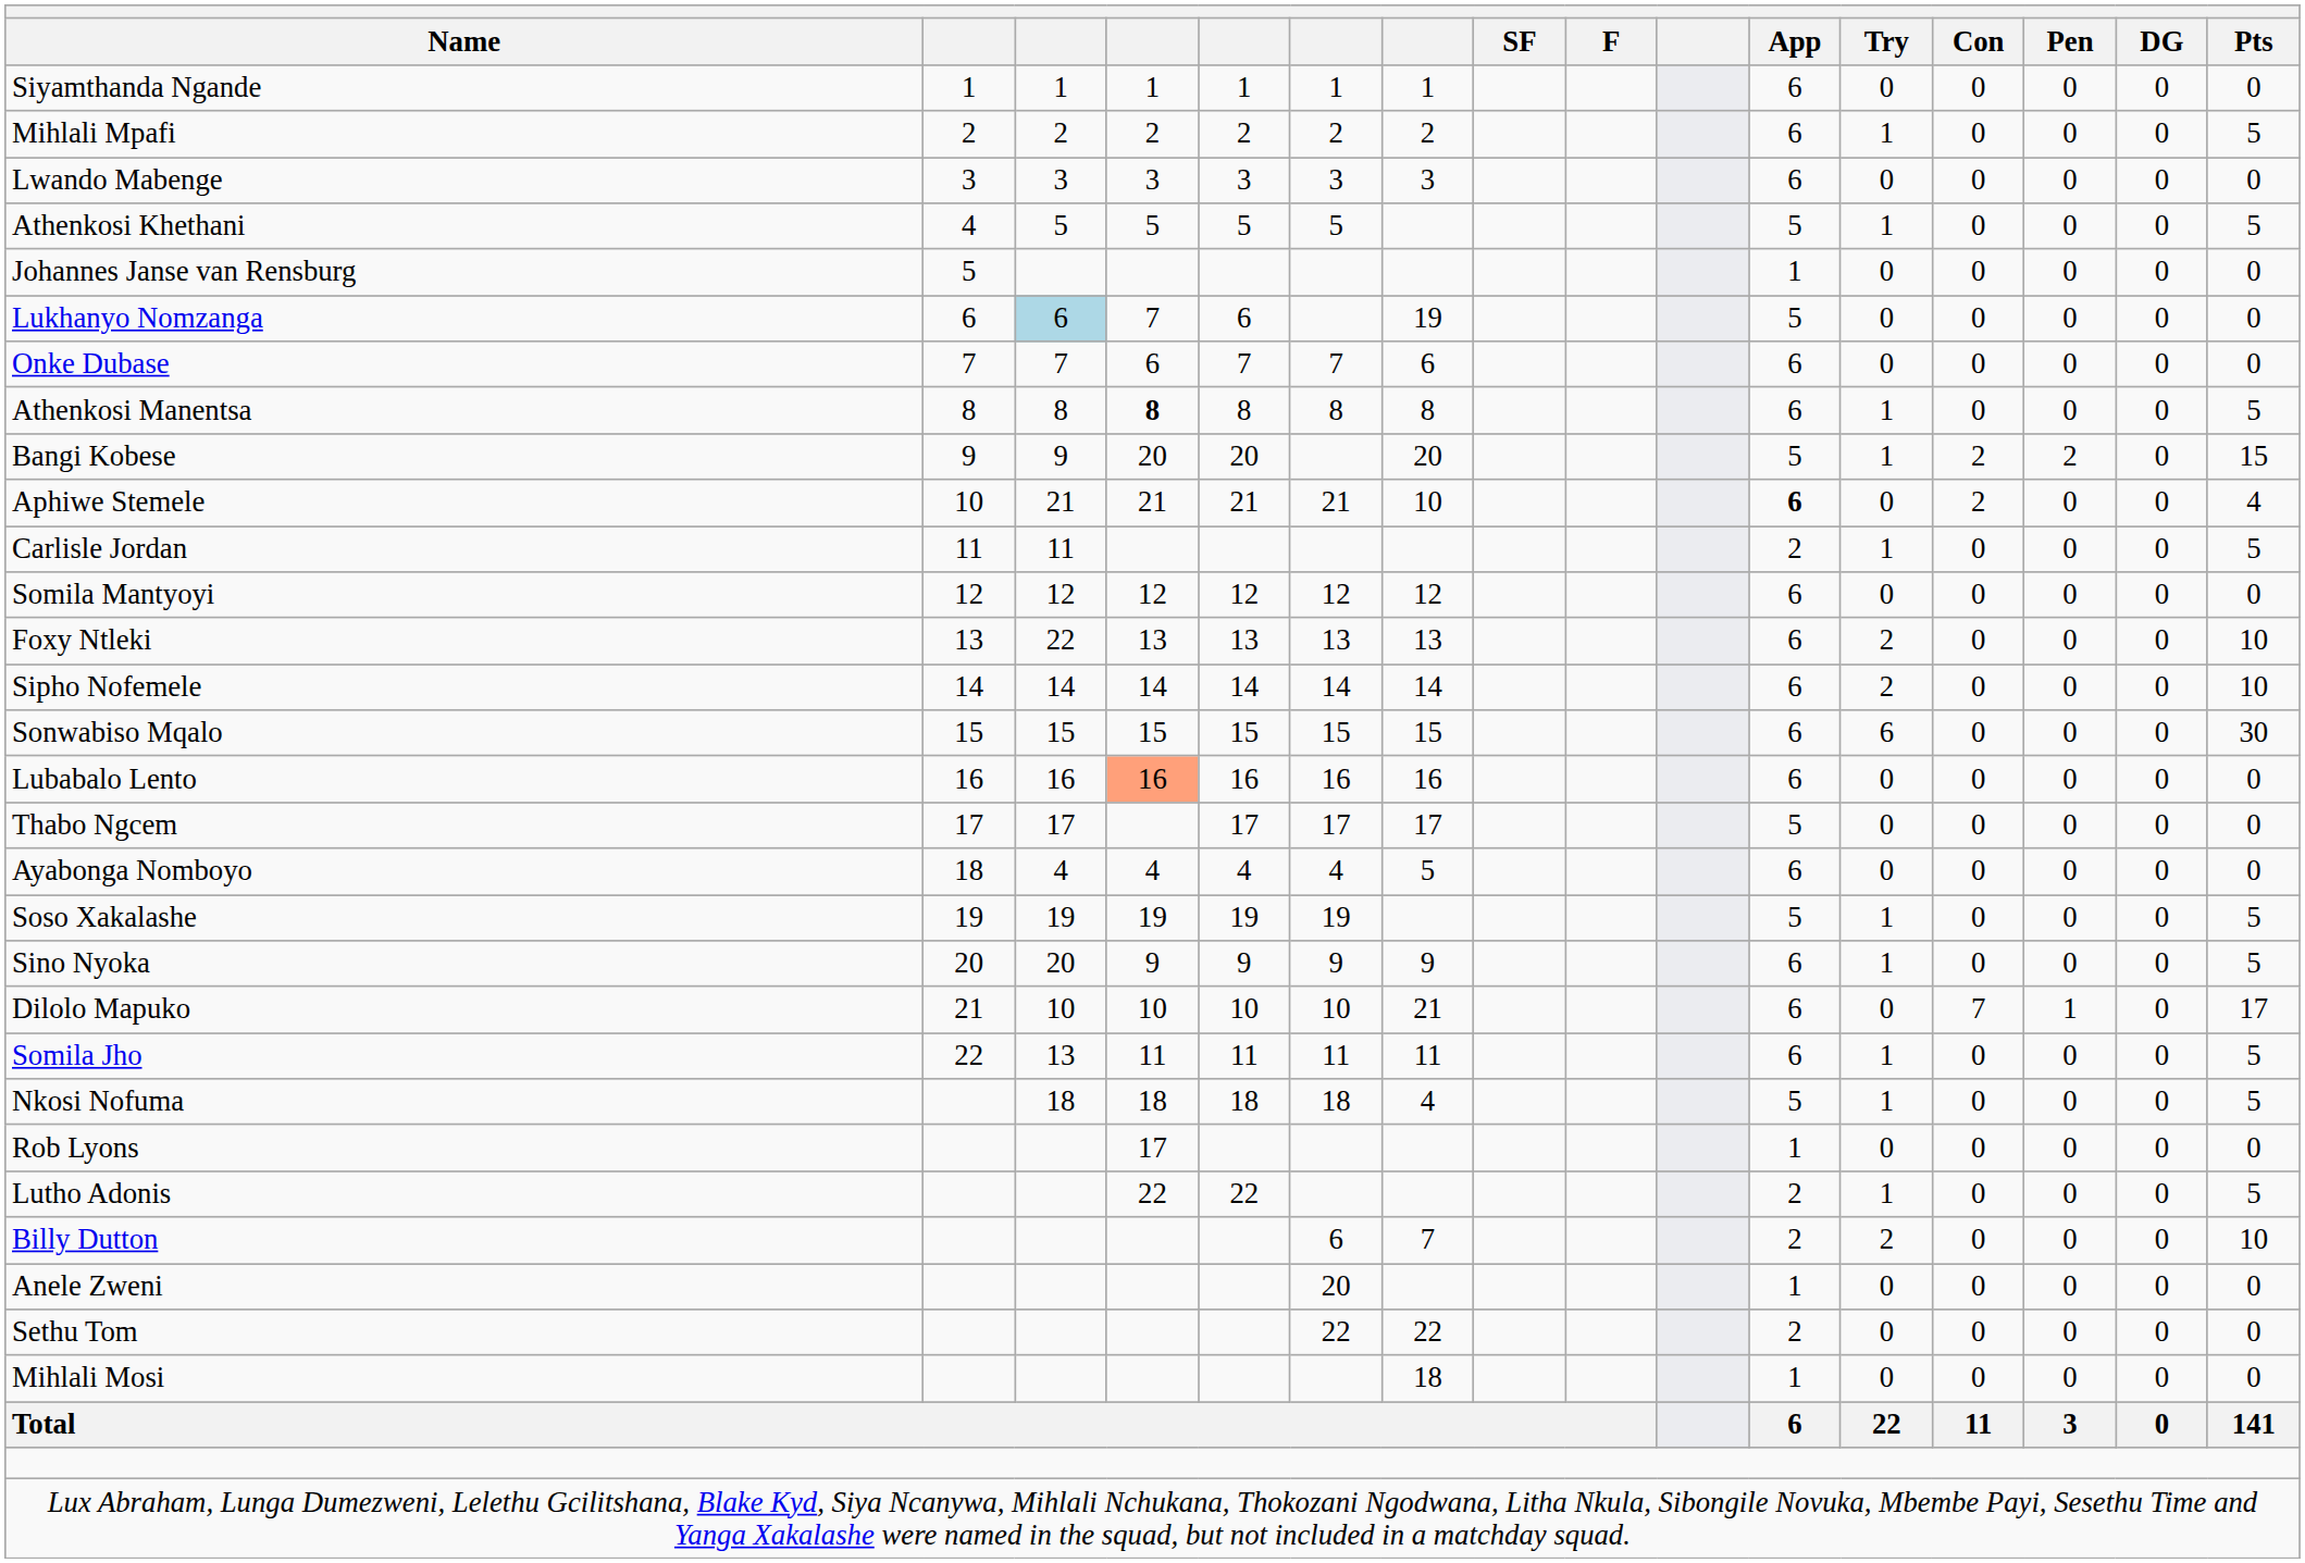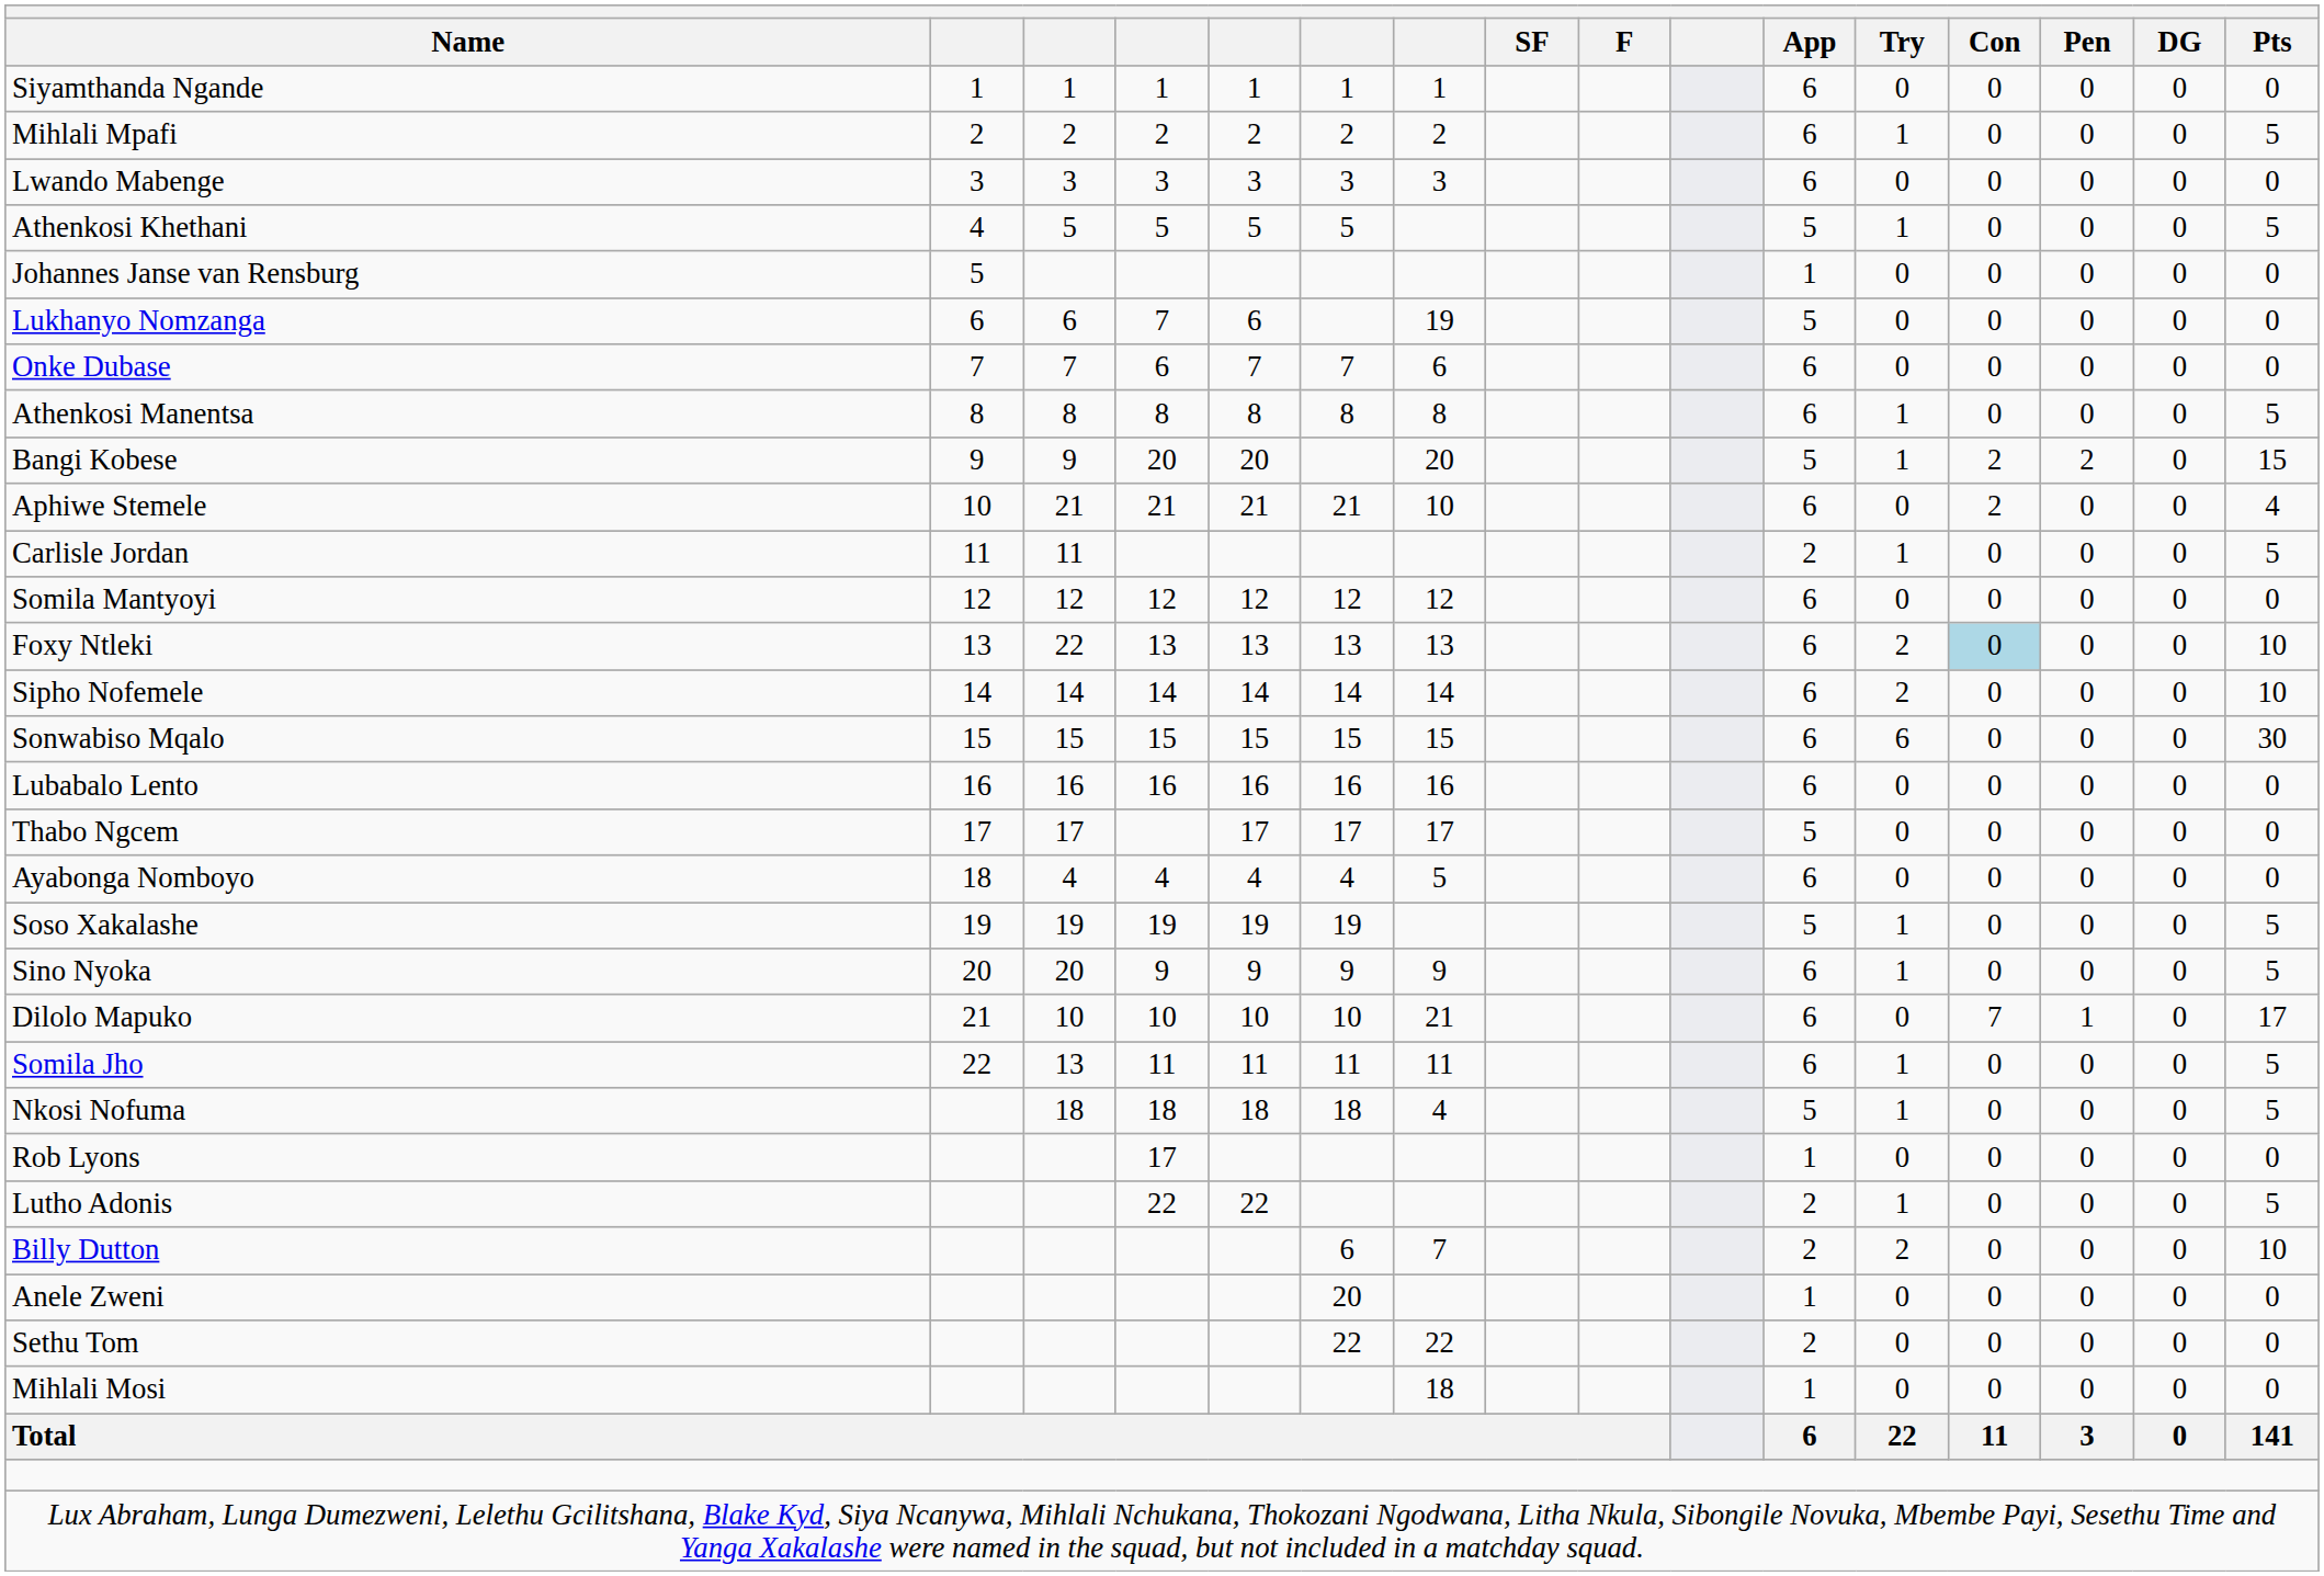 <table class="wikitable collapsible collapsed" style="text-align:center; font-size:100%; width:100%">
 <tr>
 <th colspan="100%"></th>
 </tr>
 <tr>
 <th style="width:40%;">Name</th>
 <th style="width:4%;"></th>
 <th style="width:4%;"></th>
 <th style="width:4%;"></th>
 <th style="width:4%;"></th>
 <th style="width:4%;"></th>
 <th style="width:4%;"></th>
 <th style="width:4%;">SF</th>
 <th style="width:4%;">F</th>
 <th style="width:4%;"></th>
 <th style="width:4%;">App</th>
 <th style="width:4%;">Try</th>
 <th style="width:4%;">Con</th>
 <th style="width:4%;">Pen</th>
 <th style="width:4%;">DG</th>
 <th style="width:4%;">Pts</th>
 </tr>
 <tr>
 <td style="text-align:left;">Siyamthanda Ngande</td>
 <td>1</td>
 <td>1</td>
 <td>1</td>
 <td>1</td>
 <td>1</td>
 <td>1</td>
 <td></td>
 <td></td>
 <td style="background:#EBECF0;"></td>
 <td>6</td>
 <td>0</td>
 <td>0</td>
 <td>0</td>
 <td>0</td>
 <td>0</td>
 </tr>
 <tr>
 <td style="text-align:left;">Mihlali Mpafi</td>
 <td>2</td>
 <td>2</td>
 <td>2</td>
 <td>2</td>
 <td>2</td>
 <td>2</td>
 <td></td>
 <td></td>
 <td style="background:#EBECF0;"></td>
 <td>6</td>
 <td>1</td>
 <td>0</td>
 <td>0</td>
 <td>0</td>
 <td>5</td>
 </tr>
 <tr>
 <td style="text-align:left;">Lwando Mabenge</td>
 <td>3</td>
 <td>3</td>
 <td>3</td>
 <td>3</td>
 <td>3</td>
 <td>3</td>
 <td></td>
 <td></td>
 <td style="background:#EBECF0;"></td>
 <td>6</td>
 <td>0</td>
 <td>0</td>
 <td>0</td>
 <td>0</td>
 <td>0</td>
 </tr>
 <tr>
 <td style="text-align:left;">Athenkosi Khethani</td>
 <td>4</td>
 <td>5</td>
 <td>5</td>
 <td>5</td>
 <td>5</td>
 <td></td>
 <td></td>
 <td></td>
 <td style="background:#EBECF0;"></td>
 <td>5</td>
 <td>1</td>
 <td>0</td>
 <td>0</td>
 <td>0</td>
 <td>5</td>
 </tr>
 <tr>
 <td style="text-align:left;">Johannes Janse van Rensburg</td>
 <td>5</td>
 <td></td>
 <td></td>
 <td></td>
 <td></td>
 <td></td>
 <td></td>
 <td></td>
 <td style="background:#EBECF0;"></td>
 <td>1</td>
 <td>0</td>
 <td>0</td>
 <td>0</td>
 <td>0</td>
 <td>0</td>
 </tr>
 <tr>
 <td style="text-align:left;"><a href='#'>Lukhanyo Nomzanga</a></td>
 <td>6</td>
-<td style="background: lightblue;">6</td>
+<td>6</td>
 <td>7</td>
 <td>6</td>
 <td></td>
 <td>19 </td>
 <td></td>
 <td></td>
 <td style="background:#EBECF0;"></td>
 <td>5</td>
 <td>0</td>
 <td>0</td>
 <td>0</td>
 <td>0</td>
 <td>0</td>
 </tr>
 <tr>
 <td style="text-align:left;"><a href='#'>Onke Dubase</a></td>
 <td>7</td>
 <td>7</td>
 <td>6</td>
 <td>7</td>
 <td>7</td>
 <td>6</td>
 <td></td>
 <td></td>
 <td style="background:#EBECF0;"></td>
 <td>6</td>
 <td>0</td>
 <td>0</td>
 <td>0</td>
 <td>0</td>
 <td>0</td>
 </tr>
 <tr>
 <td style="text-align:left;">Athenkosi Manentsa</td>
 <td>8</td>
 <td>8</td>
-<td><strong>8</strong></td>
+<td>8</td>
 <td>8</td>
 <td>8</td>
 <td>8</td>
 <td></td>
 <td></td>
 <td style="background:#EBECF0;"></td>
 <td>6</td>
 <td>1</td>
 <td>0</td>
 <td>0</td>
 <td>0</td>
 <td>5</td>
 </tr>
 <tr>
 <td style="text-align:left;">Bangi Kobese</td>
 <td>9</td>
 <td>9</td>
 <td>20 </td>
 <td>20 </td>
 <td></td>
 <td>20 </td>
 <td></td>
 <td></td>
 <td style="background:#EBECF0;"></td>
 <td>5</td>
 <td>1</td>
 <td>2</td>
 <td>2</td>
 <td>0</td>
 <td>15</td>
 </tr>
 <tr>
 <td style="text-align:left;">Aphiwe Stemele</td>
 <td>10</td>
 <td>21 </td>
 <td>21 </td>
 <td>21 </td>
 <td>21 </td>
 <td>10</td>
 <td></td>
 <td></td>
 <td style="background:#EBECF0;"></td>
-<td><strong>6</strong></td>
+<td>6</td>
 <td>0</td>
 <td>2</td>
 <td>0</td>
 <td>0</td>
 <td>4</td>
 </tr>
 <tr>
 <td style="text-align:left;">Carlisle Jordan</td>
 <td>11</td>
 <td>11</td>
 <td></td>
 <td></td>
 <td></td>
 <td></td>
 <td></td>
 <td></td>
 <td style="background:#EBECF0;"></td>
 <td>2</td>
 <td>1</td>
 <td>0</td>
 <td>0</td>
 <td>0</td>
 <td>5</td>
 </tr>
 <tr>
 <td style="text-align:left;">Somila Mantyoyi</td>
 <td>12</td>
 <td>12</td>
 <td>12</td>
 <td>12</td>
 <td>12</td>
 <td>12</td>
 <td></td>
 <td></td>
 <td style="background:#EBECF0;"></td>
 <td>6</td>
 <td>0</td>
 <td>0</td>
 <td>0</td>
 <td>0</td>
 <td>0</td>
 </tr>
 <tr>
 <td style="text-align:left;">Foxy Ntleki</td>
 <td>13</td>
 <td>22 </td>
 <td>13</td>
 <td>13</td>
 <td>13</td>
 <td>13</td>
 <td></td>
 <td></td>
 <td style="background:#EBECF0;"></td>
 <td>6</td>
 <td>2</td>
-<td>0</td>
+<td style="background: lightblue;">0</td>
 <td>0</td>
 <td>0</td>
 <td>10</td>
 </tr>
 <tr>
 <td style="text-align:left;">Sipho Nofemele</td>
 <td>14</td>
 <td>14</td>
 <td>14</td>
 <td>14</td>
 <td>14</td>
 <td>14</td>
 <td></td>
 <td></td>
 <td style="background:#EBECF0;"></td>
 <td>6</td>
 <td>2</td>
 <td>0</td>
 <td>0</td>
 <td>0</td>
 <td>10</td>
 </tr>
 <tr>
 <td style="text-align:left;">Sonwabiso Mqalo</td>
 <td>15</td>
 <td>15</td>
 <td>15</td>
 <td>15</td>
 <td>15</td>
 <td>15</td>
 <td></td>
 <td></td>
 <td style="background:#EBECF0;"></td>
 <td>6</td>
 <td>6</td>
 <td>0</td>
 <td>0</td>
 <td>0</td>
 <td>30</td>
 </tr>
 <tr>
 <td style="text-align:left;">Lubabalo Lento</td>
 <td>16 </td>
 <td>16 </td>
-<td style="background: lightsalmon;">16 </td>
+<td>16 </td>
 <td>16 </td>
 <td>16 </td>
 <td>16 </td>
 <td></td>
 <td></td>
 <td style="background:#EBECF0;"></td>
 <td>6</td>
 <td>0</td>
 <td>0</td>
 <td>0</td>
 <td>0</td>
 <td>0</td>
 </tr>
 <tr>
 <td style="text-align:left;">Thabo Ngcem</td>
 <td>17 </td>
 <td>17 </td>
 <td></td>
 <td>17 </td>
 <td>17 </td>
 <td>17 </td>
 <td></td>
 <td></td>
 <td style="background:#EBECF0;"></td>
 <td>5</td>
 <td>0</td>
 <td>0</td>
 <td>0</td>
 <td>0</td>
 <td>0</td>
 </tr>
 <tr>
 <td style="text-align:left;">Ayabonga Nomboyo</td>
 <td>18 </td>
 <td>4</td>
 <td>4</td>
 <td>4</td>
 <td>4</td>
 <td>5</td>
 <td></td>
 <td></td>
 <td style="background:#EBECF0;"></td>
 <td>6</td>
 <td>0</td>
 <td>0</td>
 <td>0</td>
 <td>0</td>
 <td>0</td>
 </tr>
 <tr>
 <td style="text-align:left;">Soso Xakalashe</td>
 <td>19 </td>
 <td>19 </td>
 <td>19 </td>
 <td>19 </td>
 <td>19 </td>
 <td></td>
 <td></td>
 <td></td>
 <td style="background:#EBECF0;"></td>
 <td>5</td>
 <td>1</td>
 <td>0</td>
 <td>0</td>
 <td>0</td>
 <td>5</td>
 </tr>
 <tr>
 <td style="text-align:left;">Sino Nyoka</td>
 <td>20 </td>
 <td>20 </td>
 <td>9</td>
 <td>9</td>
 <td>9</td>
 <td>9</td>
 <td></td>
 <td></td>
 <td style="background:#EBECF0;"></td>
 <td>6</td>
 <td>1</td>
 <td>0</td>
 <td>0</td>
 <td>0</td>
 <td>5</td>
 </tr>
 <tr>
 <td style="text-align:left;">Dilolo Mapuko</td>
 <td>21 </td>
 <td>10</td>
 <td>10</td>
 <td>10</td>
 <td>10</td>
 <td>21 </td>
 <td></td>
 <td></td>
 <td style="background:#EBECF0;"></td>
 <td>6</td>
 <td>0</td>
 <td>7</td>
 <td>1</td>
 <td>0</td>
 <td>17</td>
 </tr>
 <tr>
 <td style="text-align:left;"><a href='#'>Somila Jho</a></td>
 <td>22 </td>
 <td>13</td>
 <td>11</td>
 <td>11</td>
 <td>11</td>
 <td>11</td>
 <td></td>
 <td></td>
 <td style="background:#EBECF0;"></td>
 <td>6</td>
 <td>1</td>
 <td>0</td>
 <td>0</td>
 <td>0</td>
 <td>5</td>
 </tr>
 <tr>
 <td style="text-align:left;">Nkosi Nofuma</td>
 <td></td>
 <td>18 </td>
 <td>18 </td>
 <td>18 </td>
 <td>18 </td>
 <td>4</td>
 <td></td>
 <td></td>
 <td style="background:#EBECF0;"></td>
 <td>5</td>
 <td>1</td>
 <td>0</td>
 <td>0</td>
 <td>0</td>
 <td>5</td>
 </tr>
 <tr>
 <td style="text-align:left;">Rob Lyons</td>
 <td></td>
 <td></td>
 <td>17 </td>
 <td></td>
 <td></td>
 <td></td>
 <td></td>
 <td></td>
 <td style="background:#EBECF0;"></td>
 <td>1</td>
 <td>0</td>
 <td>0</td>
 <td>0</td>
 <td>0</td>
 <td>0</td>
 </tr>
 <tr>
 <td style="text-align:left;">Lutho Adonis</td>
 <td></td>
 <td></td>
 <td>22 </td>
 <td>22 </td>
 <td></td>
 <td></td>
 <td></td>
 <td></td>
 <td style="background:#EBECF0;"></td>
 <td>2</td>
 <td>1</td>
 <td>0</td>
 <td>0</td>
 <td>0</td>
 <td>5</td>
 </tr>
 <tr>
 <td style="text-align:left;"><a href='#'>Billy Dutton</a></td>
 <td></td>
 <td></td>
 <td></td>
 <td></td>
 <td>6</td>
 <td>7</td>
 <td></td>
 <td></td>
 <td style="background:#EBECF0;"></td>
 <td>2</td>
 <td>2</td>
 <td>0</td>
 <td>0</td>
 <td>0</td>
 <td>10</td>
 </tr>
 <tr>
 <td style="text-align:left;">Anele Zweni</td>
 <td></td>
 <td></td>
 <td></td>
 <td></td>
 <td>20 </td>
 <td></td>
 <td></td>
 <td></td>
 <td style="background:#EBECF0;"></td>
 <td>1</td>
 <td>0</td>
 <td>0</td>
 <td>0</td>
 <td>0</td>
 <td>0</td>
 </tr>
 <tr>
 <td style="text-align:left;">Sethu Tom</td>
 <td></td>
 <td></td>
 <td></td>
 <td></td>
 <td>22 </td>
 <td>22 </td>
 <td></td>
 <td></td>
 <td style="background:#EBECF0;"></td>
 <td>2</td>
 <td>0</td>
 <td>0</td>
 <td>0</td>
 <td>0</td>
 <td>0</td>
 </tr>
 <tr>
 <td style="text-align:left;">Mihlali Mosi</td>
 <td></td>
 <td></td>
 <td></td>
 <td></td>
 <td></td>
 <td>18 </td>
 <td></td>
 <td></td>
 <td style="background:#EBECF0;"></td>
 <td>1</td>
 <td>0</td>
 <td>0</td>
 <td>0</td>
 <td>0</td>
 <td>0</td>
 </tr>
 <tr>
 <th colspan="9" style="text-align:left;">Total</th>
 <th style="background:#EBECF0;"></th>
 <th>6</th>
 <th>22</th>
 <th>11</th>
 <th>3</th>
 <th>0</th>
 <th>141</th>
 </tr>
 <tr class="sortbottom">
 <td colspan="100%" style="height: 10px;"></td>
 </tr>
 <tr class="sortbottom">
 <td colspan="100%" style="text-align:center;"><em>Lux Abraham, Lunga Dumezweni, Lelethu Gcilitshana, <a href='#'>Blake Kyd</a>, Siya Ncanywa, Mihlali Nchukana, Thokozani Ngodwana, Litha Nkula, Sibongile Novuka, Mbembe Payi, Sesethu Time and <a href='#'>Yanga Xakalashe</a> were named in the squad, but not included in a matchday squad.</em></td>
 </tr>
 </table>
